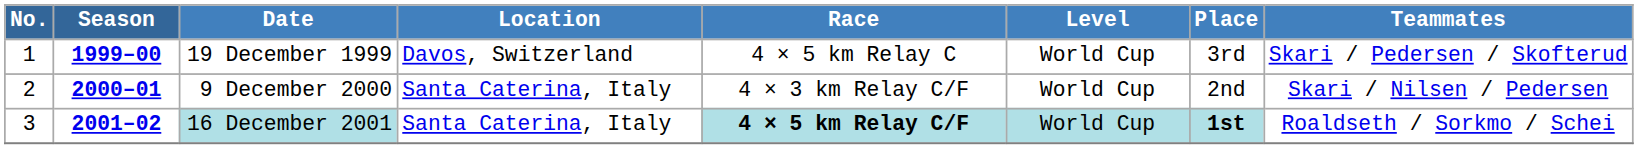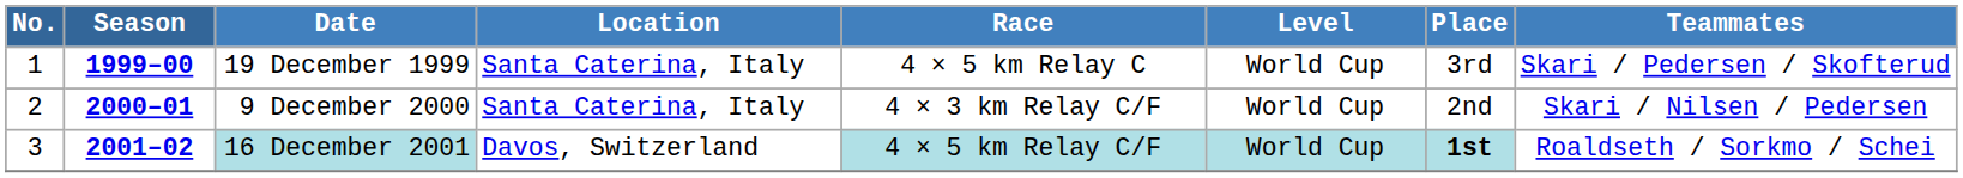 <table class="wikitable sortable" style="font-size:95%; text-align:center; border:grey solid 1px; border-collapse:collapse; background:#ffffff;">
 <tr style="background:#efefef;">
 <th style="background-color:#369; color:white;">No.</th>
 <th style="background-color:#369; color:white;">Season</th>
 <th style="background-color:#4180be; color:white; width:120px;">Date</th>
 <th style="background-color:#4180be; color:white; width:170px;">Location</th>
 <th style="background-color:#4180be; color:white; width:170px;">Race</th>
 <th style="background-color:#4180be; color:white; width:100px;">Level</th>
 <th style="background-color:#4180be; color:white;">Place</th>
 <th style="background-color:#4180be; color:white;">Teammates</th>
 </tr>
 <tr>
 <td align=center>1</td>
 <td rowspan=1 align=center><strong> <a href='#'>1999–00</a> </strong></td>
 <td align=right>19 December 1999</td>
-<td align=left> <a href='#'>Davos</a>, Switzerland</td>
+<td align=left> <a href='#'>Santa Caterina</a>, Italy</td>
 <td>4 × 5 km Relay C</td>
 <td>World Cup</td>
 <td>3rd</td>
 <td><a href='#'>Skari</a> / <a href='#'>Pedersen</a> / <a href='#'>Skofterud</a></td>
 </tr>
 <tr>
 <td align=center>2</td>
 <td rowspan=1 align=center><strong> <a href='#'>2000–01</a> </strong></td>
 <td align=right>9 December 2000</td>
 <td align=left> <a href='#'>Santa Caterina</a>, Italy</td>
 <td>4 × 3 km Relay C/F</td>
 <td>World Cup</td>
 <td>2nd</td>
 <td><a href='#'>Skari</a> / <a href='#'>Nilsen</a> / <a href='#'>Pedersen</a></td>
 </tr>
 <tr>
 <td align=center>3</td>
 <td rowspan=1 align=center><strong><a href='#'>2001–02</a></strong></td>
 <td bgcolor="#BOEOE6" align=right>16 December 2001</td>
-<td align=left> <a href='#'>Santa Caterina</a>, Italy</td>
-<td bgcolor="#BOEOE6"><strong>4 × 5 km Relay C/F</strong></td>
+<td align=left> <a href='#'>Davos</a>, Switzerland</td>
+<td bgcolor="#BOEOE6">4 × 5 km Relay C/F</td>
 <td bgcolor="#BOEOE6">World Cup</td>
 <td bgcolor="#BOEOE6"><strong>1st</strong></td>
 <td><a href='#'>Roaldseth</a> / <a href='#'>Sorkmo</a> / <a href='#'>Schei</a></td>
 </tr>
 <tr>
 </tr>
 </table>
